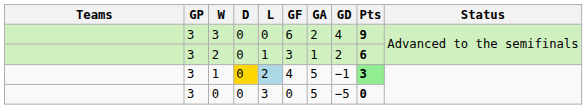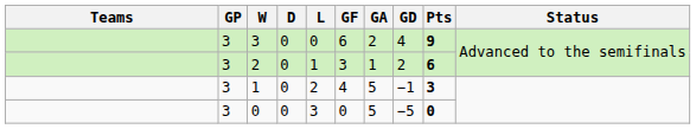 <table class="wikitable">
 <tr align=center bgcolor=#efefef>
 <th width=185>Teams</th>
 <th width=20>GP</th>
 <th width=20>W</th>
 <th width=20>D</th>
 <th width=20>L</th>
 <th width=20>GF</th>
 <th width=20>GA</th>
 <th width=20>GD</th>
 <th width=20>Pts</th>
 <th>Status</th>
 </tr>
 <tr bgcolor="#D0F0C0">
 <td style="text-align:left;"></td>
 <td>3</td>
 <td>3</td>
 <td>0</td>
 <td>0</td>
 <td>6</td>
 <td>2</td>
 <td>4</td>
 <td><strong>9</strong></td>
 <td rowspan=2>Advanced to the semifinals</td>
 </tr>
 <tr bgcolor="#D0F0C0">
 <td style="text-align:left;"></td>
 <td>3</td>
 <td>2</td>
 <td>0</td>
 <td>1</td>
 <td>3</td>
 <td>1</td>
 <td>2</td>
 <td><strong>6</strong></td>
 </tr>
 <tr>
 <td style="text-align:left;"></td>
 <td>3</td>
 <td>1</td>
-<td style="background: gold;">0</td>
-<td style="background: lightblue;">2</td>
+<td>0</td>
+<td>2</td>
 <td>4</td>
 <td>5</td>
 <td>−1</td>
-<td style="background: lightgreen;"><strong>3</strong></td>
+<td><strong>3</strong></td>
 </tr>
 <tr>
 <td style="text-align:left;"></td>
 <td>3</td>
 <td>0</td>
 <td>0</td>
 <td>3</td>
 <td>0</td>
 <td>5</td>
 <td>−5</td>
 <td><strong>0</strong></td>
 </tr>
 </table>
